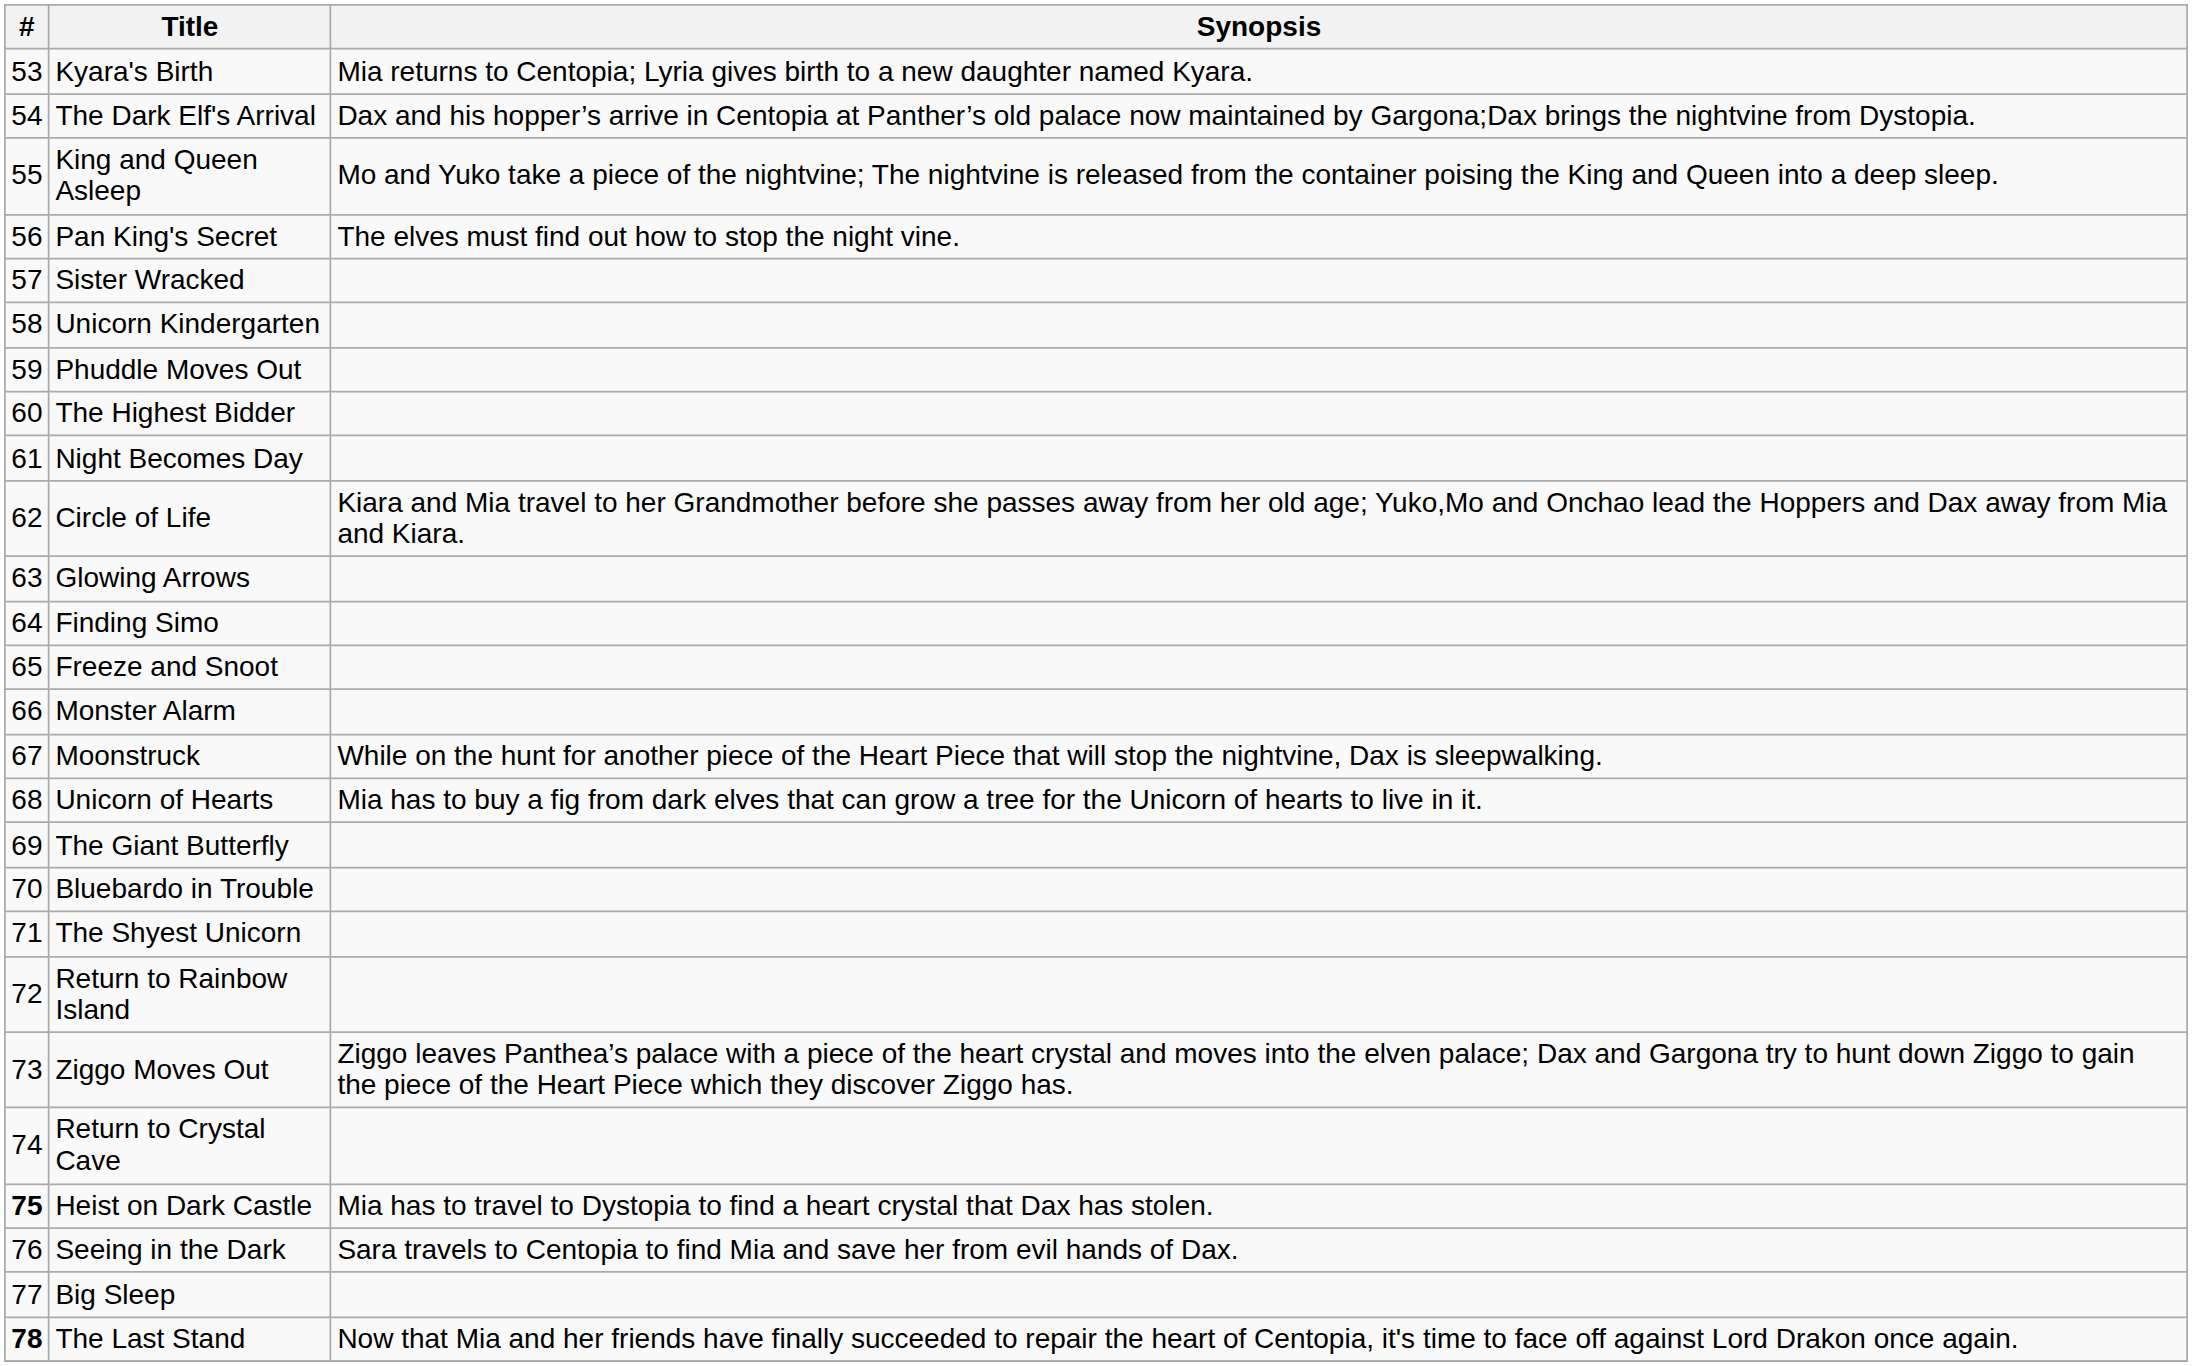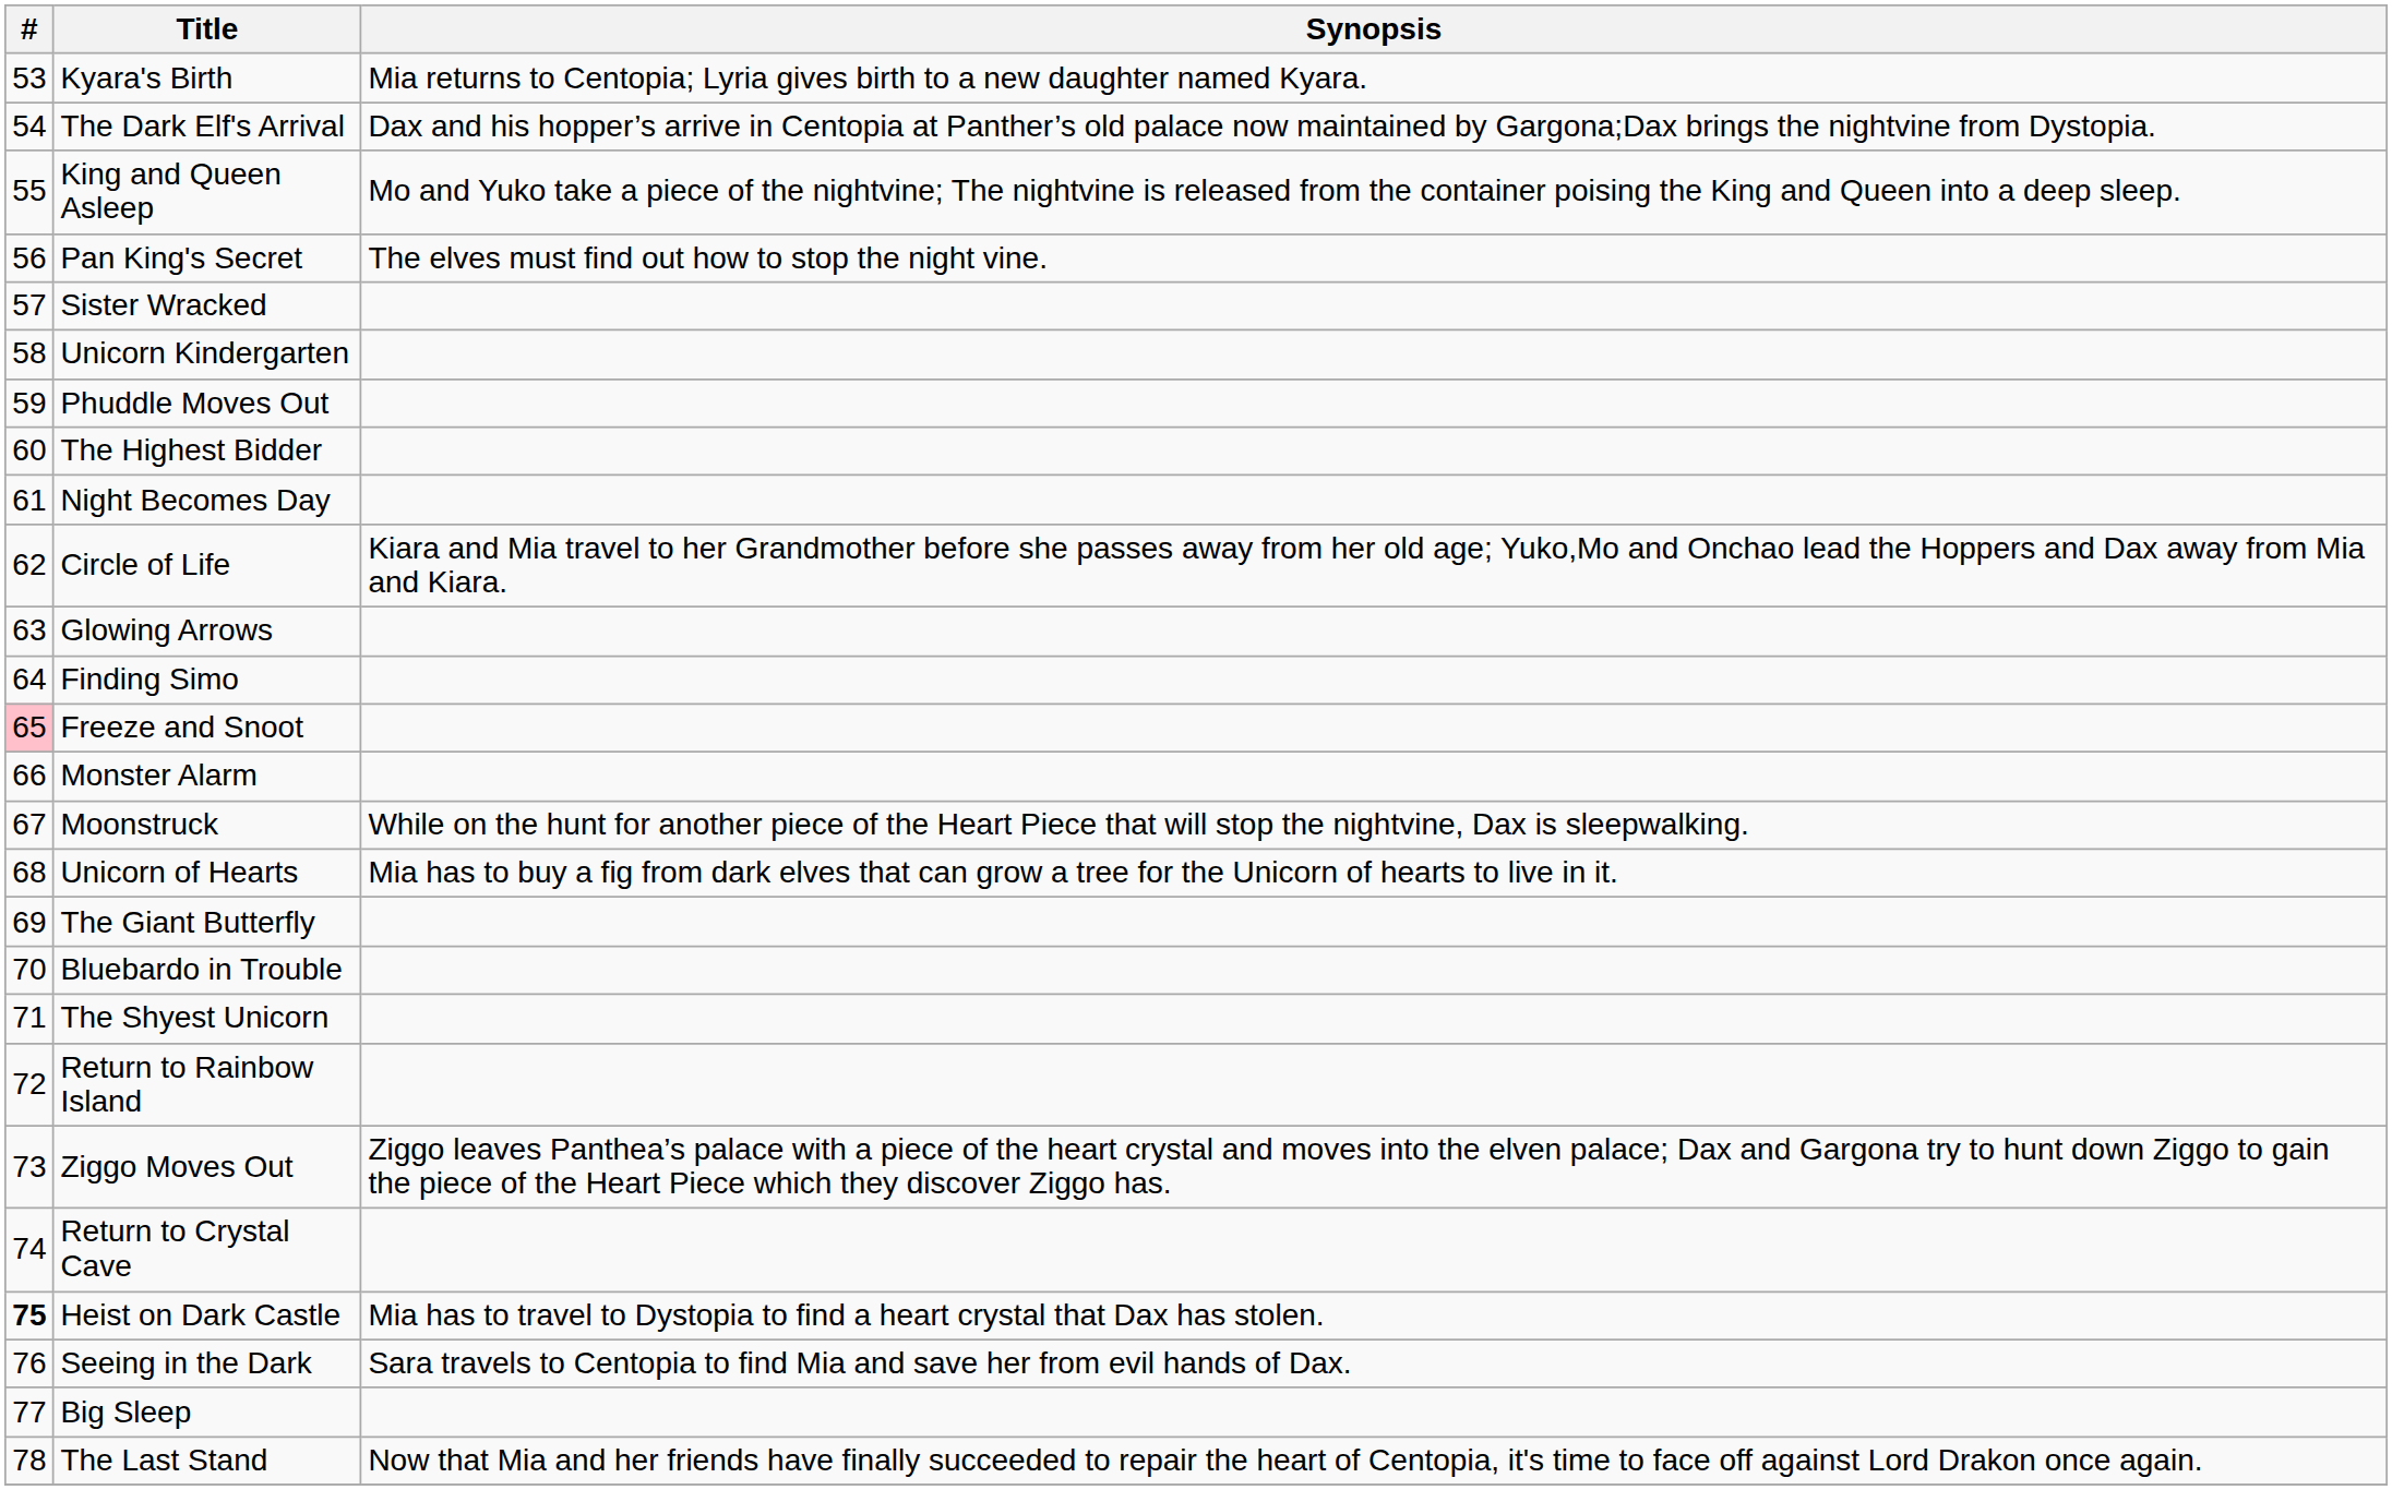 <table class="wikitable">
 <tr>
 <th>#</th>
 <th>Title</th>
 <th>Synopsis</th>
 </tr>
 <tr>
 <td>53</td>
 <td>Kyara's Birth</td>
 <td>Mia returns to Centopia; Lyria gives birth to a new daughter named Kyara.</td>
 </tr>
 <tr>
 <td>54</td>
 <td>The Dark Elf's Arrival</td>
 <td>Dax and his hopper’s arrive in Centopia at Panther’s old palace now maintained by Gargona;Dax brings the nightvine from Dystopia.</td>
 </tr>
 <tr>
 <td>55</td>
 <td>King and Queen Asleep</td>
 <td>Mo and Yuko take a piece of the nightvine; The nightvine is released from the container poising the King and Queen into a deep sleep.</td>
 </tr>
 <tr>
 <td>56</td>
 <td>Pan King's Secret</td>
 <td>The elves must find out how to stop the night vine.</td>
 </tr>
 <tr>
 <td>57</td>
 <td>Sister Wracked</td>
 <td></td>
 </tr>
 <tr>
 <td>58</td>
 <td>Unicorn Kindergarten</td>
 <td></td>
 </tr>
 <tr>
 <td>59</td>
 <td>Phuddle Moves Out</td>
 <td></td>
 </tr>
 <tr>
 <td>60</td>
 <td>The Highest Bidder</td>
 <td></td>
 </tr>
 <tr>
 <td>61</td>
 <td>Night Becomes Day</td>
 <td></td>
 </tr>
 <tr>
 <td>62</td>
 <td>Circle of Life</td>
 <td>Kiara and Mia travel to her Grandmother before she passes away from her old age; Yuko,Mo and Onchao lead the Hoppers and Dax away from Mia and Kiara.</td>
 </tr>
 <tr>
 <td>63</td>
 <td>Glowing Arrows</td>
 <td></td>
 </tr>
 <tr>
 <td>64</td>
 <td>Finding Simo</td>
 <td></td>
 </tr>
 <tr>
-<td>65</td>
+<td style="background: pink;">65</td>
 <td>Freeze and Snoot</td>
 <td></td>
 </tr>
 <tr>
 <td>66</td>
 <td>Monster Alarm</td>
 <td></td>
 </tr>
 <tr>
 <td>67</td>
 <td>Moonstruck</td>
 <td>While on the hunt for another piece of the Heart Piece that will stop the nightvine, Dax is sleepwalking.</td>
 </tr>
 <tr>
 <td>68</td>
 <td>Unicorn of Hearts</td>
 <td>Mia has to buy a fig from dark elves that can grow a tree for the Unicorn of hearts to live in it.</td>
 </tr>
 <tr>
 <td>69</td>
 <td>The Giant Butterfly</td>
 <td></td>
 </tr>
 <tr>
 <td>70</td>
 <td>Bluebardo in Trouble</td>
 <td></td>
 </tr>
 <tr>
 <td>71</td>
 <td>The Shyest Unicorn</td>
 <td></td>
 </tr>
 <tr>
 <td>72</td>
 <td>Return to Rainbow Island</td>
 <td></td>
 </tr>
 <tr>
 <td>73</td>
 <td>Ziggo Moves Out</td>
 <td>Ziggo leaves Panthea’s palace with a piece of the heart crystal and moves into the elven palace; Dax and Gargona try to hunt down Ziggo to gain the piece of the Heart Piece which they discover Ziggo has.</td>
 </tr>
 <tr>
 <td>74</td>
 <td>Return to Crystal Cave</td>
 <td></td>
 </tr>
 <tr>
 <td><strong>75</strong></td>
 <td>Heist on Dark Castle</td>
 <td>Mia has to travel to Dystopia to find a heart crystal that Dax has stolen.</td>
 </tr>
 <tr>
 <td>76</td>
 <td>Seeing in the Dark</td>
 <td>Sara travels to Centopia to find Mia and save her from evil hands of Dax.</td>
 </tr>
 <tr>
 <td>77</td>
 <td>Big Sleep</td>
 <td></td>
 </tr>
 <tr>
-<td><strong>78</strong></td>
+<td>78</td>
 <td>The Last Stand</td>
 <td>Now that Mia and her friends have finally succeeded to repair the heart of Centopia, it's time to face off against Lord Drakon once again.</td>
 </tr>
 <tr>
 </tr>
 </table>
